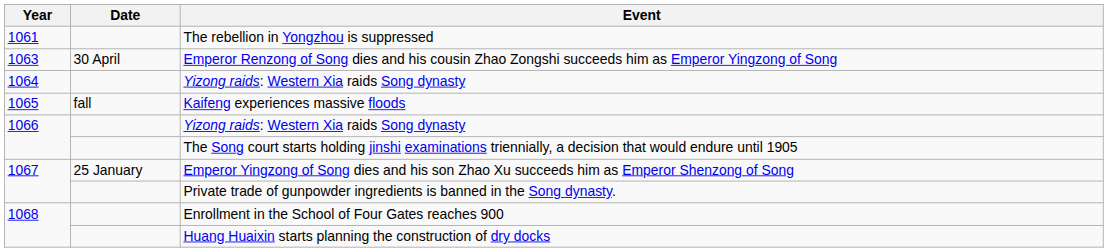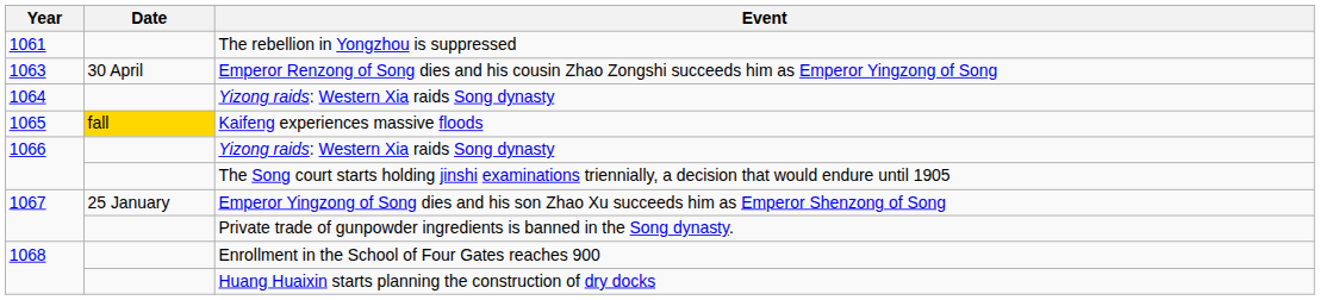 <table class="wikitable" width="100%">
 <tr>
 <th style="width:6%">Year</th>
 <th style="width:10%">Date</th>
 <th>Event</th>
 </tr>
 <tr>
 <td><a href='#'>1061</a></td>
 <td></td>
 <td>The rebellion in <a href='#'>Yongzhou</a> is suppressed</td>
 </tr>
 <tr>
 <td><a href='#'>1063</a></td>
 <td>30 April</td>
 <td><a href='#'>Emperor Renzong of Song</a> dies and his cousin Zhao Zongshi succeeds him as <a href='#'>Emperor Yingzong of Song</a></td>
 </tr>
 <tr>
 <td><a href='#'>1064</a></td>
 <td></td>
 <td><em><a href='#'>Yizong raids</a></em>: <a href='#'>Western Xia</a> raids <a href='#'>Song dynasty</a></td>
 </tr>
 <tr>
 <td><a href='#'>1065</a></td>
-<td>fall</td>
+<td style="background: gold;">fall</td>
 <td><a href='#'>Kaifeng</a> experiences massive <a href='#'>floods</a></td>
 </tr>
 <tr>
 <td rowspan="2" valign="top"><a href='#'>1066</a></td>
 <td></td>
 <td><em><a href='#'>Yizong raids</a></em>: <a href='#'>Western Xia</a> raids <a href='#'>Song dynasty</a></td>
 </tr>
 <tr>
 <td></td>
 <td>The <a href='#'>Song</a> court starts holding <a href='#'>jinshi</a> <a href='#'>examinations</a> triennially, a decision that would endure until 1905</td>
 </tr>
 <tr>
 <td rowspan="2" valign="top"><a href='#'>1067</a></td>
 <td>25 January</td>
 <td><a href='#'>Emperor Yingzong of Song</a> dies and his son Zhao Xu succeeds him as <a href='#'>Emperor Shenzong of Song</a></td>
 </tr>
 <tr>
 <td></td>
 <td>Private trade of gunpowder ingredients is banned in the <a href='#'>Song dynasty</a>.</td>
 </tr>
 <tr>
 <td rowspan="2" valign="top"><a href='#'>1068</a></td>
 <td></td>
 <td>Enrollment in the School of Four Gates reaches 900</td>
 </tr>
 <tr>
 <td></td>
 <td><a href='#'>Huang Huaixin</a> starts planning the construction of <a href='#'>dry docks</a></td>
 </tr>
 </table>
